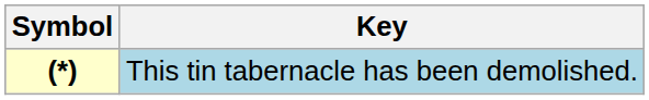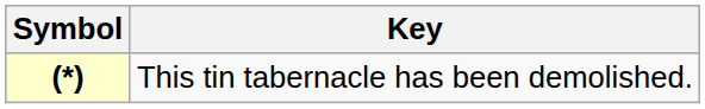 <table class="wikitable">
 <tr>
 <th>Symbol</th>
 <th>Key</th>
 </tr>
 <tr>
 <th style="background:#ffc;">(*)</th>
-<td style="background: lightblue;">This tin tabernacle has been demolished.</td>
+<td>This tin tabernacle has been demolished.</td>
 </tr>
 </table>
